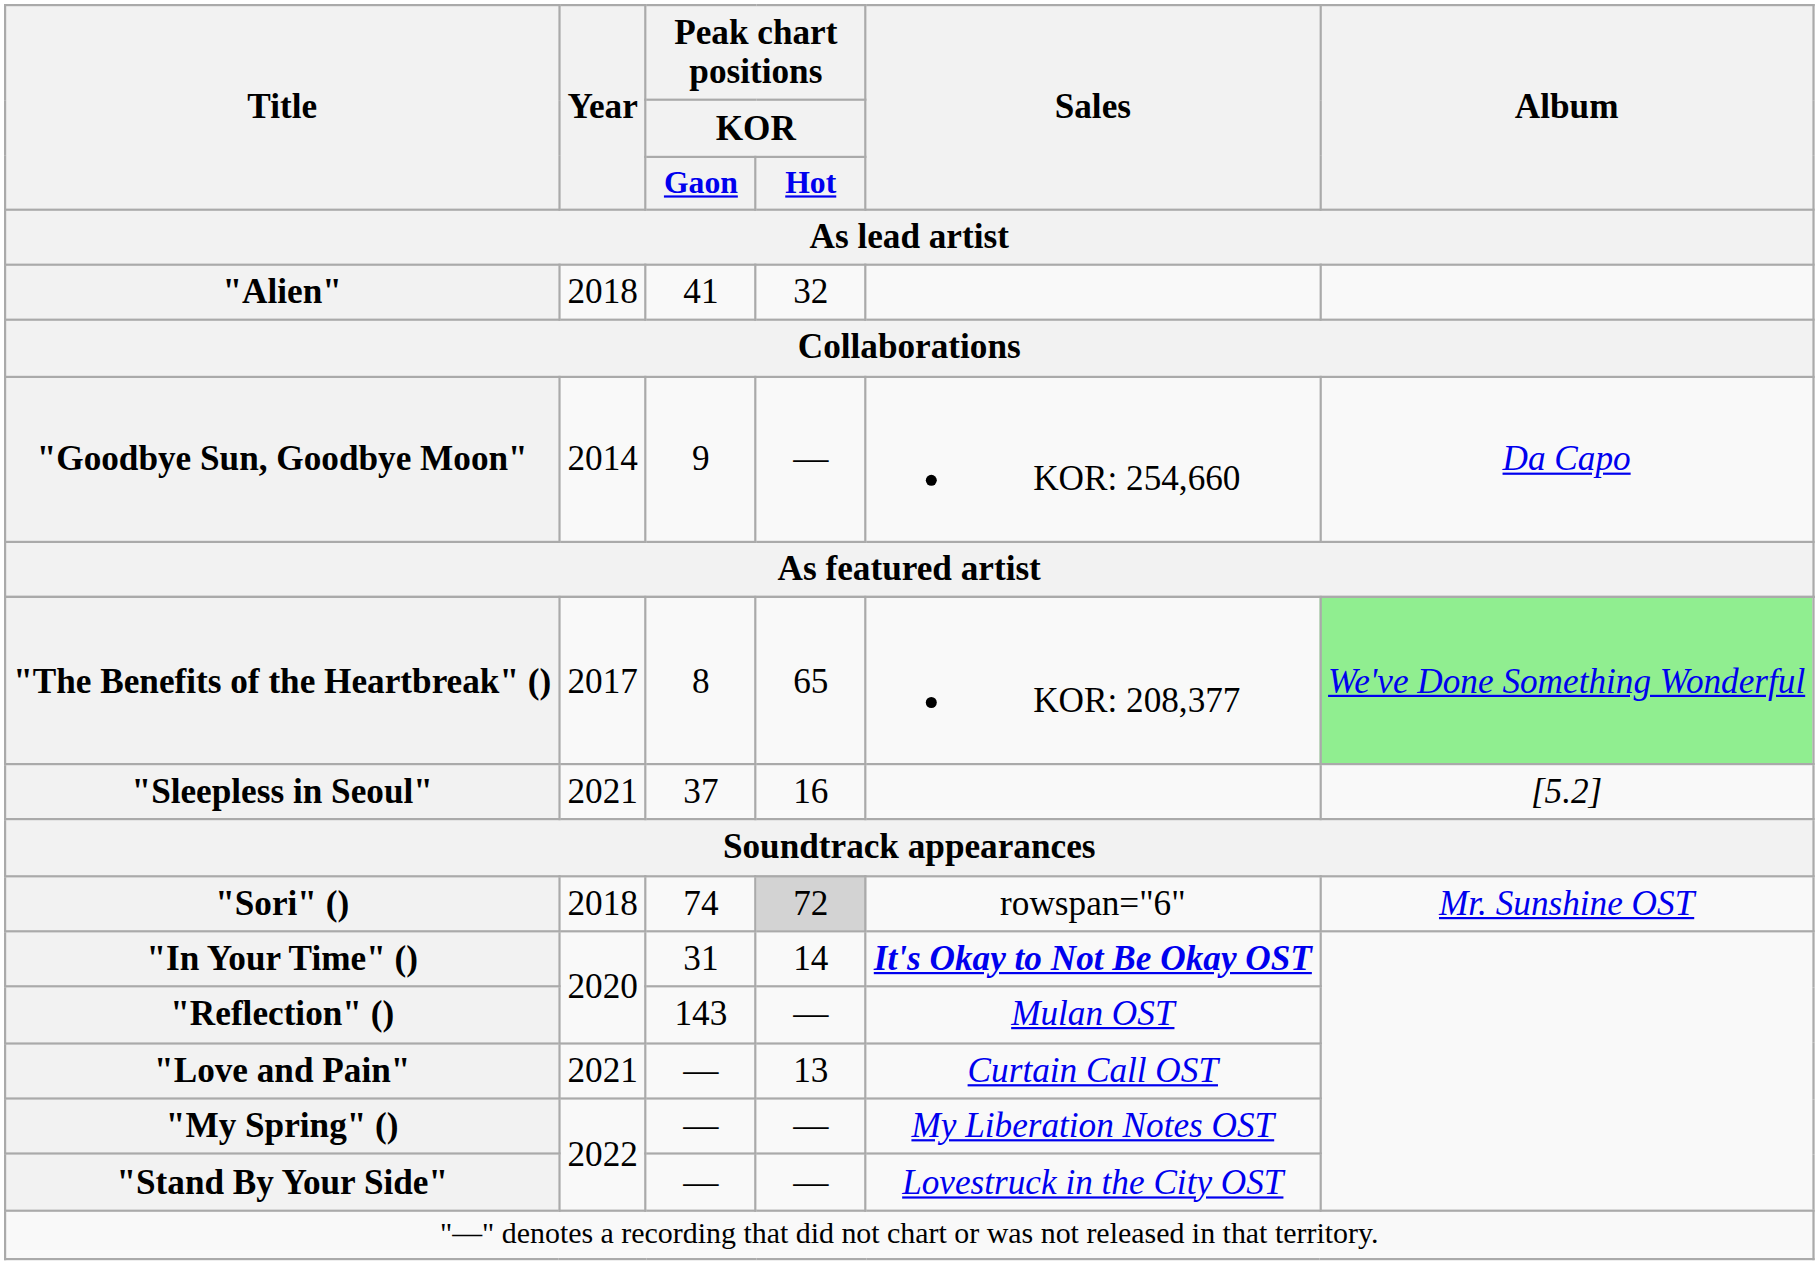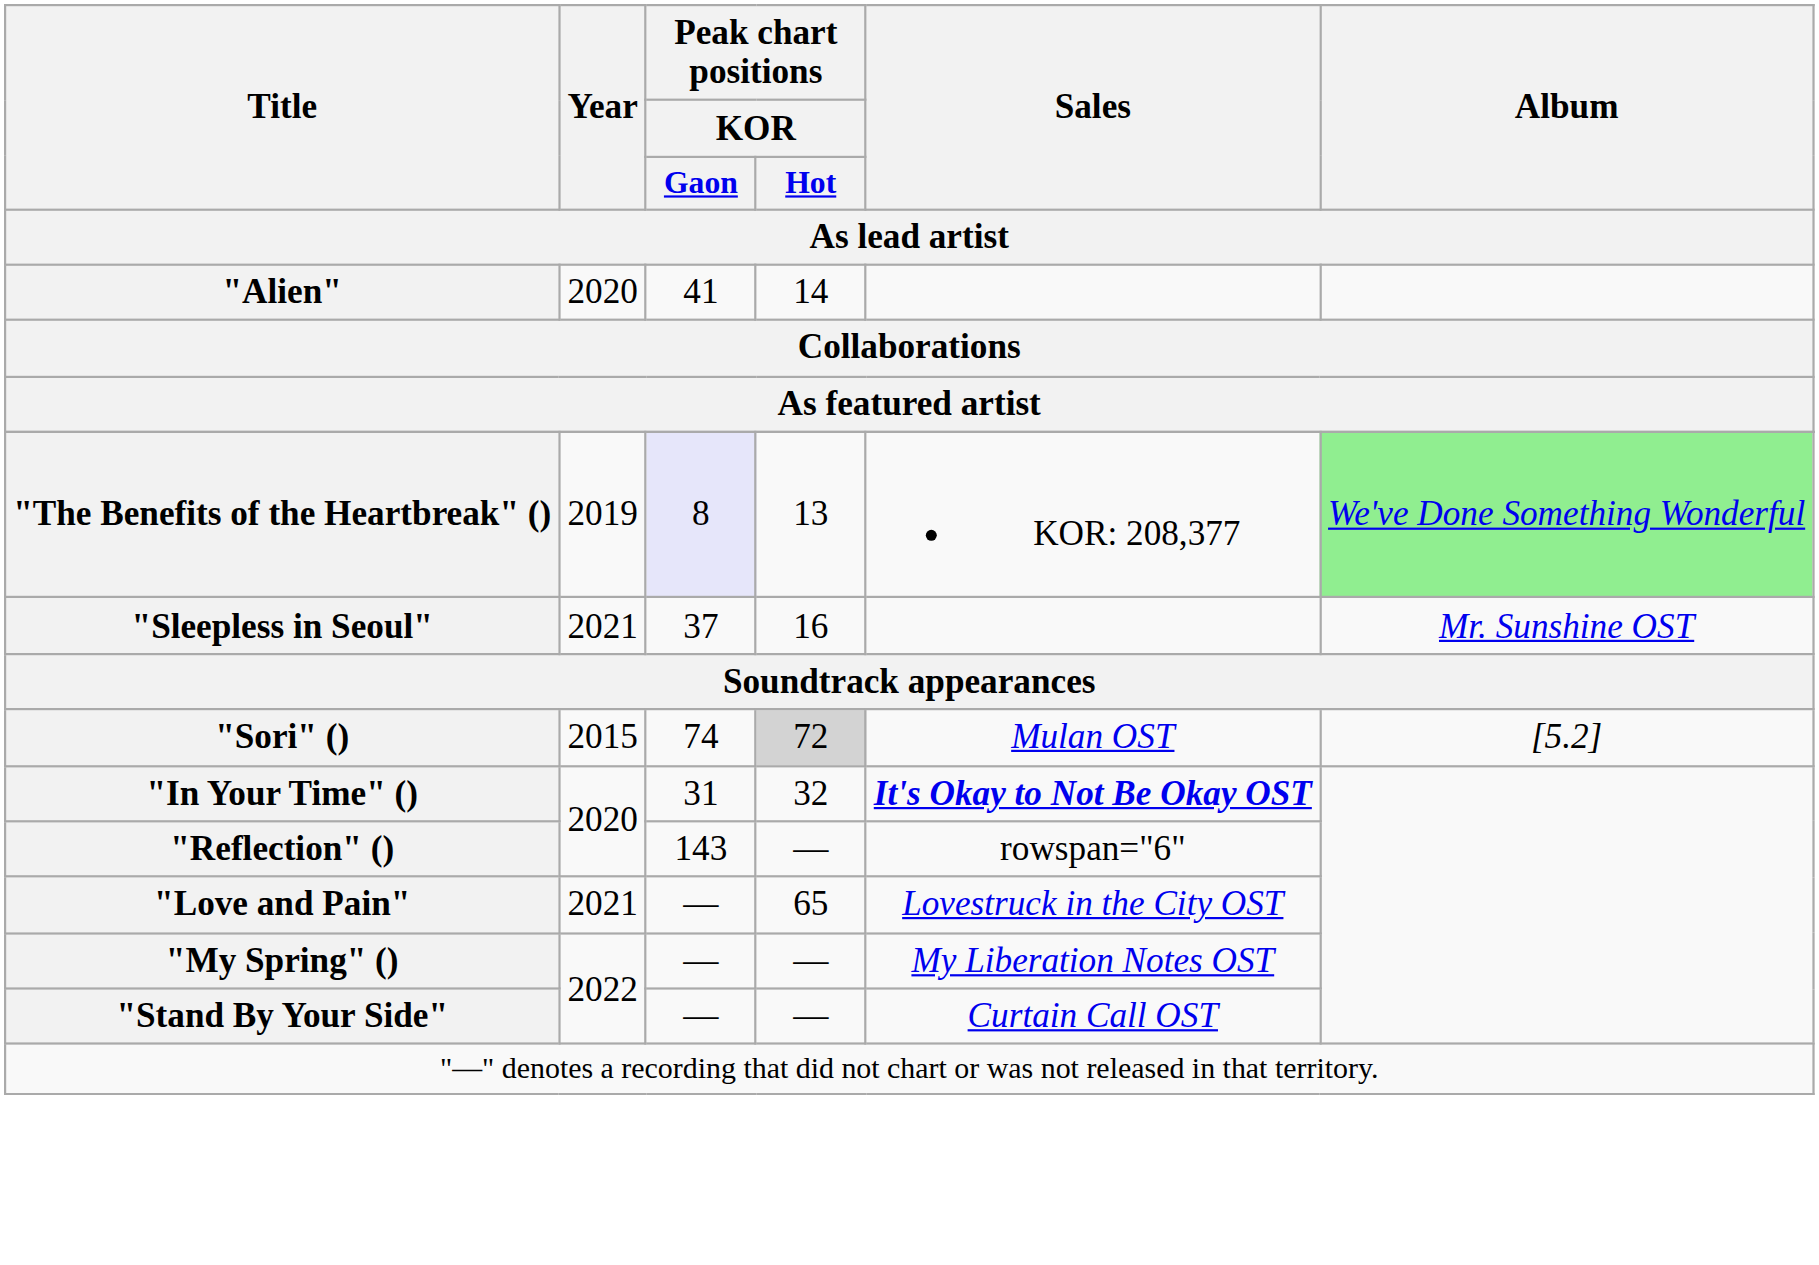 <table class="wikitable plainrowheaders" style="text-align:center">
 <tr>
 <th scope="col" rowspan="3">Title</th>
 <th scope="col" rowspan="3">Year</th>
 <th scope="col" colspan="2">Peak chart<br>positions</th>
 <th scope="col" rowspan="3">Sales</th>
 <th scope="col" rowspan="3">Album</th>
 </tr>
 <tr>
 <th scope="col" colspan="2">KOR</th>
 </tr>
 <tr>
 <th scope="col" style="width:3em;font-size:90%"><a href='#'>Gaon</a><br></th>
 <th scope="col" style="width:3em;font-size:90%"><a href='#'>Hot</a><br></th>
 </tr>
 <tr>
 <th colspan="6">As lead artist</th>
 </tr>
 <tr>
 <th scope="row">"Alien"</th>
-<td>2018</td>
+<td>2020</td>
 <td>41</td>
-<td>32</td>
+<td>14</td>
 <td></td>
 <td></td>
 </tr>
 <tr>
 <th colspan="6">Collaborations</th>
-</tr>
-<tr>
-<th scope="row">"Goodbye Sun, Goodbye Moon"<br></th>
-<td>2014</td>
-<td>9</td>
-<td>—</td>
-<td><br><ul><li>KOR: 254,660</li></ul></td>
-<td><em><a href='#'>Da Capo</a></em></td>
 </tr>
 <tr>
 <th colspan="6">As featured artist</th>
 </tr>
 <tr>
 </tr>
 <tr>
 <th scope="row">"The Benefits of the Heartbreak" ()<br></th>
-<td>2017</td>
-<td>8</td>
-<td>65</td>
+<td>2019</td>
+<td style="background: lavender;">8</td>
+<td>13</td>
 <td><br><ul><li>KOR: 208,377</li></ul></td>
 <td style="background: lightgreen;"><em><a href='#'>We've Done Something Wonderful</a></em></td>
 </tr>
 <tr>
 <th scope="row">"Sleepless in Seoul"<br></th>
 <td>2021</td>
 <td>37</td>
 <td>16</td>
 <td></td>
-<td><em>[5.2]</em></td>
+<td><em><a href='#'>Mr. Sunshine OST</a></em></td>
 </tr>
 <tr>
 <th colspan="6">Soundtrack appearances</th>
 </tr>
 <tr>
 <th scope="row">"Sori" ()</th>
-<td>2018</td>
+<td>2015</td>
 <td>74</td>
 <td style="background: lightgrey;">72</td>
-<td>rowspan="6" </td>
-<td><em><a href='#'>Mr. Sunshine OST</a></em></td>
+<td><em><a href='#'>Mulan OST</a></em></td>
+<td><em>[5.2]</em></td>
 </tr>
 <tr>
 <th scope="row">"In Your Time" ()</th>
 <td rowspan="2">2020</td>
 <td>31</td>
-<td>14</td>
+<td>32</td>
 <td><strong><em><a href='#'>It's Okay to Not Be Okay OST</a></em></strong></td>
 </tr>
 <tr>
 <th scope="row">"Reflection" ()</th>
 <td>143</td>
 <td>—</td>
-<td><em><a href='#'>Mulan OST</a></em></td>
+<td>rowspan="6" </td>
 </tr>
 <tr>
 <th scope="row">"Love and Pain"</th>
 <td>2021</td>
 <td>—</td>
-<td>13</td>
-<td><em><a href='#'>Curtain Call OST</a></em></td>
+<td>65</td>
+<td><em><a href='#'>Lovestruck in the City OST</a></em></td>
 </tr>
 <tr>
 <th scope="row">"My Spring" ()</th>
 <td rowspan="2">2022</td>
 <td>—</td>
 <td>—</td>
 <td><em><a href='#'>My Liberation Notes OST</a></em></td>
 </tr>
 <tr>
 <th scope="row">"Stand By Your Side"</th>
 <td>—</td>
 <td>—</td>
-<td><em><a href='#'>Lovestruck in the City OST</a></em></td>
+<td><em><a href='#'>Curtain Call OST</a></em></td>
 </tr>
 <tr>
 <td colspan="6" style="font-size:85%">"—" denotes a recording that did not chart or was not released in that territory.</td>
 </tr>
 </table>
